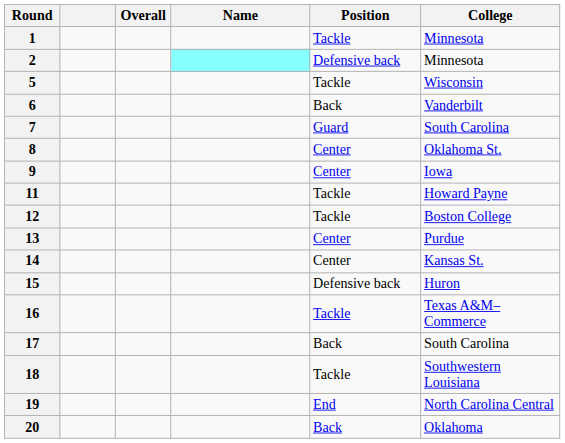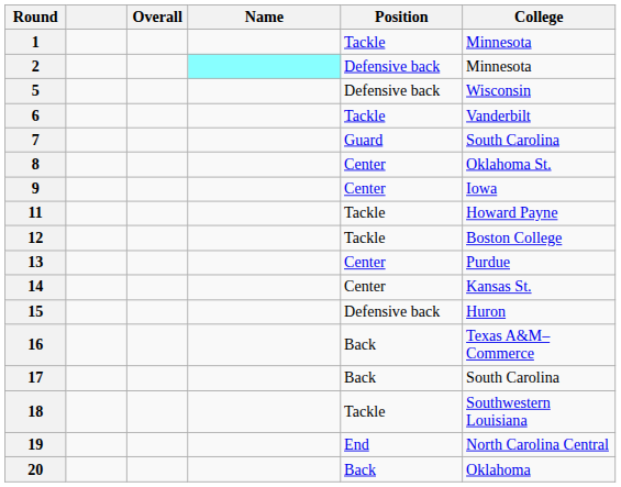 <table class="wikitable sortable" style="width: 50%;">
 <tr>
 <th scope="col" style="width: 10%;">Round</th>
 <th scope="col" style="width: 10%;"></th>
 <th scope="col" style="width: 10%;">Overall</th>
 <th scope="col" style="width: 25%;">Name</th>
 <th scope="col" style="width: 20%;">Position</th>
 <th scope="col" style="width: 25%;">College</th>
 </tr>
 <tr>
 <th scope="row">1</th>
 <td></td>
 <td></td>
 <td></td>
 <td><a href='#'>Tackle</a></td>
 <td><a href='#'>Minnesota</a></td>
 </tr>
 <tr>
 <th scope="row">2</th>
 <td></td>
 <td></td>
 <td style="background:#88FFFF;"> <sup></sup></td>
 <td><a href='#'>Defensive back</a></td>
 <td>Minnesota</td>
 </tr>
 <tr>
 <th scope="row">5</th>
 <td></td>
 <td></td>
 <td></td>
-<td>Tackle</td>
+<td>Defensive back</td>
 <td><a href='#'>Wisconsin</a></td>
 </tr>
 <tr>
 <th scope="row">6</th>
 <td></td>
 <td></td>
 <td></td>
-<td>Back</td>
+<td><a href='#'>Tackle</a></td>
 <td><a href='#'>Vanderbilt</a></td>
 </tr>
 <tr>
 <th scope="row">7</th>
 <td></td>
 <td></td>
 <td></td>
 <td><a href='#'>Guard</a></td>
 <td><a href='#'>South Carolina</a></td>
 </tr>
 <tr>
 <th scope="row">8</th>
 <td></td>
 <td></td>
 <td></td>
 <td><a href='#'>Center</a></td>
 <td><a href='#'>Oklahoma St.</a></td>
 </tr>
 <tr>
 <th scope="row">9</th>
 <td></td>
 <td></td>
 <td></td>
 <td><a href='#'>Center</a></td>
 <td><a href='#'>Iowa</a></td>
 </tr>
 <tr>
 <th scope="row">11</th>
 <td></td>
 <td></td>
 <td></td>
 <td>Tackle</td>
 <td><a href='#'>Howard Payne</a></td>
 </tr>
 <tr>
 <th scope="row">12</th>
 <td></td>
 <td></td>
 <td></td>
 <td>Tackle</td>
 <td><a href='#'>Boston College</a></td>
 </tr>
 <tr>
 <th scope="row">13</th>
 <td></td>
 <td></td>
 <td></td>
 <td><a href='#'>Center</a></td>
 <td><a href='#'>Purdue</a></td>
 </tr>
 <tr>
 <th scope="row">14</th>
 <td></td>
 <td></td>
 <td></td>
 <td>Center</td>
 <td><a href='#'>Kansas St.</a></td>
 </tr>
 <tr>
 <th scope="row">15</th>
 <td></td>
 <td></td>
 <td></td>
 <td>Defensive back</td>
 <td><a href='#'>Huron</a></td>
 </tr>
 <tr>
 <th scope="row">16</th>
 <td></td>
 <td></td>
 <td></td>
-<td><a href='#'>Tackle</a></td>
+<td>Back</td>
 <td><a href='#'>Texas A&M–Commerce</a></td>
 </tr>
 <tr>
 <th scope="row">17</th>
 <td></td>
 <td></td>
 <td></td>
 <td>Back</td>
 <td>South Carolina</td>
 </tr>
 <tr>
 <th scope="row">18</th>
 <td></td>
 <td></td>
 <td></td>
 <td>Tackle</td>
 <td><a href='#'>Southwestern Louisiana</a></td>
 </tr>
 <tr>
 <th scope="row">19</th>
 <td></td>
 <td></td>
 <td></td>
 <td><a href='#'>End</a></td>
 <td><a href='#'>North Carolina Central</a></td>
 </tr>
 <tr>
 <th scope="row">20</th>
 <td></td>
 <td></td>
 <td></td>
 <td><a href='#'>Back</a></td>
 <td><a href='#'>Oklahoma</a></td>
 </tr>
 </table>
